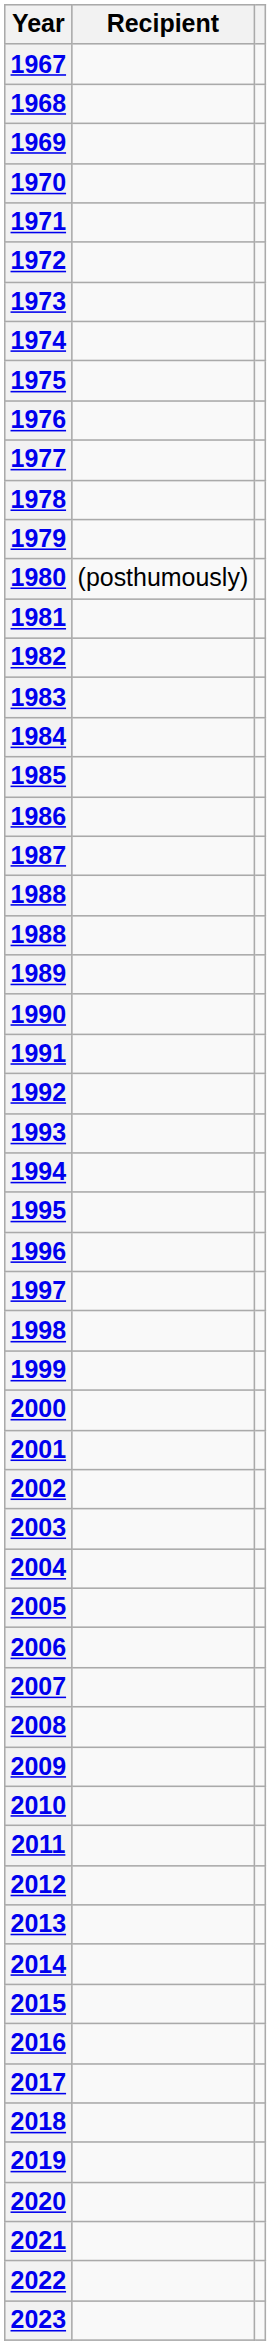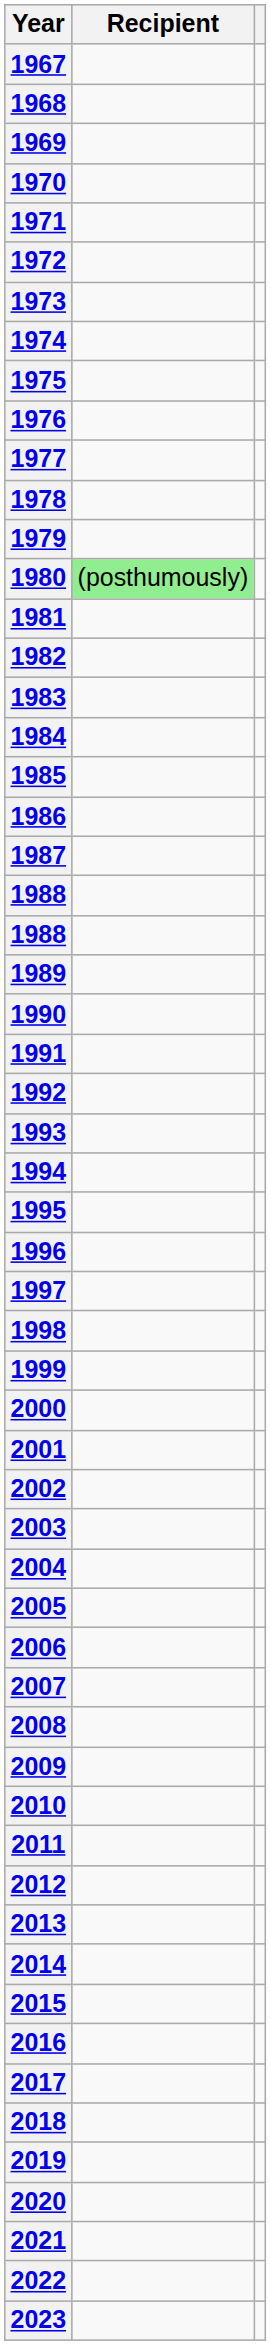 <table class="wikitable sortable mw-collapsible">
 <tr>
 <th>Year</th>
 <th>Recipient</th>
 <th></th>
 </tr>
 <tr>
 <th><a href='#'>1967</a></th>
 <td></td>
 <td></td>
 </tr>
 <tr>
 <th><a href='#'>1968</a></th>
 <td></td>
 <td></td>
 </tr>
 <tr>
 <th><a href='#'>1969</a></th>
 <td></td>
 <td></td>
 </tr>
 <tr>
 <th><a href='#'>1970</a></th>
 <td></td>
 <td></td>
 </tr>
 <tr>
 <th><a href='#'>1971</a></th>
 <td></td>
 <td></td>
 </tr>
 <tr>
 <th><a href='#'>1972</a></th>
 <td></td>
 <td></td>
 </tr>
 <tr>
 <th><a href='#'>1973</a></th>
 <td></td>
 <td></td>
 </tr>
 <tr>
 <th><a href='#'>1974</a></th>
 <td></td>
 <td></td>
 </tr>
 <tr>
 <th><a href='#'>1975</a></th>
 <td></td>
 <td></td>
 </tr>
 <tr>
 <th><a href='#'>1976</a></th>
 <td></td>
 <td></td>
 </tr>
 <tr>
 <th><a href='#'>1977</a></th>
 <td></td>
 <td></td>
 </tr>
 <tr>
 <th><a href='#'>1978</a></th>
 <td></td>
 <td></td>
 </tr>
 <tr>
 <th><a href='#'>1979</a></th>
 <td></td>
 <td></td>
 </tr>
 <tr>
 <th><a href='#'>1980</a></th>
-<td> (posthumously)</td>
+<td style="background: lightgreen;"> (posthumously)</td>
 <td></td>
 </tr>
 <tr>
 <th><a href='#'>1981</a></th>
 <td></td>
 <td></td>
 </tr>
 <tr>
 <th><a href='#'>1982</a></th>
 <td></td>
 <td></td>
 </tr>
 <tr>
 <th><a href='#'>1983</a></th>
 <td></td>
 <td></td>
 </tr>
 <tr>
 <th><a href='#'>1984</a></th>
 <td></td>
 <td></td>
 </tr>
 <tr>
 <th><a href='#'>1985</a></th>
 <td></td>
 <td></td>
 </tr>
 <tr>
 <th><a href='#'>1986</a></th>
 <td></td>
 <td></td>
 </tr>
 <tr>
 <th><a href='#'>1987</a></th>
 <td></td>
 <td></td>
 </tr>
 <tr>
 <th><a href='#'>1988</a></th>
 <td></td>
 <td></td>
 </tr>
 <tr>
 <th><a href='#'>1988</a></th>
 <td></td>
 <td></td>
 </tr>
 <tr>
 <th><a href='#'>1989</a></th>
 <td></td>
 <td></td>
 </tr>
 <tr>
 <th><a href='#'>1990</a></th>
 <td></td>
 <td></td>
 </tr>
 <tr>
 <th><a href='#'>1991</a></th>
 <td></td>
 <td></td>
 </tr>
 <tr>
 <th><a href='#'>1992</a></th>
 <td></td>
 <td></td>
 </tr>
 <tr>
 <th><a href='#'>1993</a></th>
 <td></td>
 <td></td>
 </tr>
 <tr>
 <th><a href='#'>1994</a></th>
 <td></td>
 <td></td>
 </tr>
 <tr>
 <th><a href='#'>1995</a></th>
 <td></td>
 <td></td>
 </tr>
 <tr>
 <th><a href='#'>1996</a></th>
 <td></td>
 <td></td>
 </tr>
 <tr>
 <th><a href='#'>1997</a></th>
 <td></td>
 <td></td>
 </tr>
 <tr>
 <th><a href='#'>1998</a></th>
 <td></td>
 <td></td>
 </tr>
 <tr>
 <th><a href='#'>1999</a></th>
 <td></td>
 <td></td>
 </tr>
 <tr>
 <th><a href='#'>2000</a></th>
 <td></td>
 <td></td>
 </tr>
 <tr>
 <th><a href='#'>2001</a></th>
 <td></td>
 <td></td>
 </tr>
 <tr>
 <th><a href='#'>2002</a></th>
 <td></td>
 <td></td>
 </tr>
 <tr>
 <th><a href='#'>2003</a></th>
 <td></td>
 <td></td>
 </tr>
 <tr>
 <th><a href='#'>2004</a></th>
 <td></td>
 <td></td>
 </tr>
 <tr>
 <th><a href='#'>2005</a></th>
 <td></td>
 <td></td>
 </tr>
 <tr>
 <th><a href='#'>2006</a></th>
 <td></td>
 <td></td>
 </tr>
 <tr>
 <th><a href='#'>2007</a></th>
 <td></td>
 <td></td>
 </tr>
 <tr>
 <th><a href='#'>2008</a></th>
 <td></td>
 <td></td>
 </tr>
 <tr>
 <th><a href='#'>2009</a></th>
 <td></td>
 <td></td>
 </tr>
 <tr>
 <th><a href='#'>2010</a></th>
 <td></td>
 <td></td>
 </tr>
 <tr>
 <th><a href='#'>2011</a></th>
 <td></td>
 <td></td>
 </tr>
 <tr>
 <th><a href='#'>2012</a></th>
 <td></td>
 <td></td>
 </tr>
 <tr>
 <th><a href='#'>2013</a></th>
 <td></td>
 <td></td>
 </tr>
 <tr>
 <th><a href='#'>2014</a></th>
 <td></td>
 <td></td>
 </tr>
 <tr>
 <th><a href='#'>2015</a></th>
 <td></td>
 <td></td>
 </tr>
 <tr>
 <th><a href='#'>2016</a></th>
 <td></td>
 <td></td>
 </tr>
 <tr>
 <th><a href='#'>2017</a></th>
 <td></td>
 <td></td>
 </tr>
 <tr>
 <th><a href='#'>2018</a></th>
 <td></td>
 <td></td>
 </tr>
 <tr>
 <th><a href='#'>2019</a></th>
 <td></td>
 <td></td>
 </tr>
 <tr>
 <th><a href='#'>2020</a></th>
 <td></td>
 <td></td>
 </tr>
 <tr>
 <th><a href='#'>2021</a></th>
 <td></td>
 <td></td>
 </tr>
 <tr>
 <th><a href='#'>2022</a></th>
 <td></td>
 <td></td>
 </tr>
 <tr>
 <th><a href='#'>2023</a></th>
 <td></td>
 <td></td>
 </tr>
 </table>
